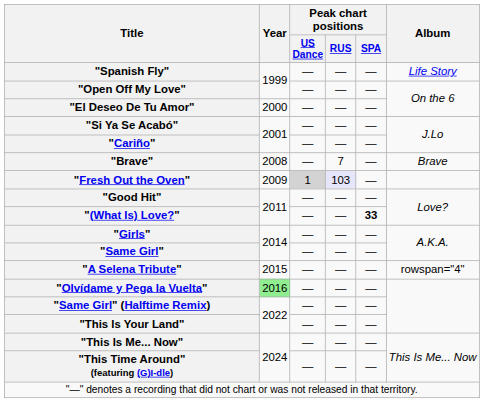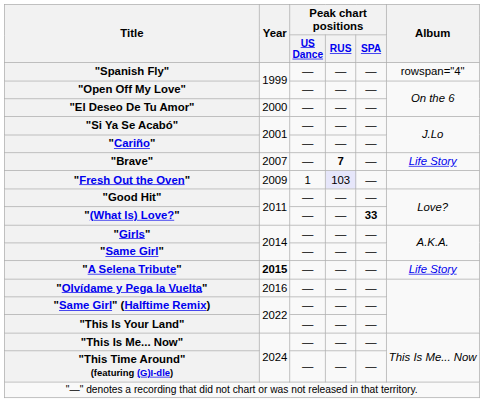 <table class="wikitable plainrowheaders" style="text-align: center;">
 <tr>
 <th scope="col" rowspan="2" style="width:22em;">Title</th>
 <th scope="col" rowspan="2" style="width:1em;">Year</th>
 <th scope="col" colspan="3">Peak chart positions</th>
 <th scope="col" rowspan="2">Album</th>
 </tr>
 <tr>
 <th scope="col" style="width:2.5em; font-size:90%;"><a href='#'>US<br>Dance</a><br></th>
 <th scope="col" style="width:2.5em; font-size:90%;"><a href='#'>RUS</a><br></th>
 <th scope="col" style="width:2.5em; font-size:90%;"><a href='#'>SPA</a><br></th>
 </tr>
 <tr>
 <th scope="row">"Spanish Fly"<br></th>
 <td rowspan="2">1999</td>
 <td>—</td>
 <td>—</td>
 <td>—</td>
-<td><em><a href='#'>Life Story</a></em></td>
+<td>rowspan="4" </td>
 </tr>
 <tr>
 <th scope="row">"Open Off My Love"</th>
 <td>—</td>
 <td>—</td>
 <td>—</td>
 <td rowspan="2"><em>On the 6</em></td>
 </tr>
 <tr>
 <th scope="row">"El Deseo De Tu Amor"</th>
 <td>2000</td>
 <td>—</td>
 <td>—</td>
 <td>—</td>
 </tr>
 <tr>
 <th scope="row">"Si Ya Se Acabó"</th>
 <td rowspan="2">2001</td>
 <td>—</td>
 <td>—</td>
 <td>—</td>
 <td rowspan="2"><em>J.Lo</em></td>
 </tr>
 <tr>
 <th scope="row">"<a href='#'>Cariño</a>"</th>
 <td>—</td>
 <td>—</td>
 <td>—</td>
 </tr>
 <tr>
 <th scope="row">"Brave"</th>
-<td>2008</td>
+<td>2007</td>
 <td>—</td>
-<td>7</td>
+<td><strong>7</strong></td>
 <td>—</td>
-<td><em>Brave</em></td>
+<td><em><a href='#'>Life Story</a></em></td>
 </tr>
 <tr>
 <th scope="row">"<a href='#'>Fresh Out the Oven</a>" <br> </th>
 <td>2009</td>
-<td style="background: lightgrey;">1</td>
+<td>1</td>
 <td style="background: lavender;">103</td>
 <td>—</td>
 <td></td>
 </tr>
 <tr>
 <th scope="row">"Good Hit"</th>
 <td rowspan="2">2011</td>
 <td>—</td>
 <td>—</td>
 <td>—</td>
 <td rowspan="2"><em>Love?</em></td>
 </tr>
 <tr>
 <th scope="row">"<a href='#'>(What Is) Love?</a>"</th>
 <td>—</td>
 <td>—</td>
 <td><strong>33</strong></td>
 </tr>
 <tr>
 <th scope="row">"<a href='#'>Girls</a>"</th>
 <td rowspan="2">2014</td>
 <td>—</td>
 <td>—</td>
 <td>—</td>
 <td rowspan="2"><em>A.K.A.</em></td>
 </tr>
 <tr>
 <th scope="row">"<a href='#'>Same Girl</a>"</th>
 <td>—</td>
 <td>—</td>
 <td>—</td>
 </tr>
 <tr>
 <th scope="row">"<a href='#'>A Selena Tribute</a>"</th>
-<td>2015</td>
+<td><strong>2015</strong></td>
 <td>—</td>
 <td>—</td>
 <td>—</td>
-<td>rowspan="4" </td>
+<td><em><a href='#'>Life Story</a></em></td>
 </tr>
 <tr>
 <th scope="row">"<a href='#'>Olvídame y Pega la Vuelta</a>"<br> </th>
-<td style="background: lightgreen;">2016</td>
+<td>2016</td>
 <td>—</td>
 <td>—</td>
 <td>—</td>
 </tr>
 <tr>
 <th scope="row">"<a href='#'>Same Girl</a>" (<a href='#'>Halftime Remix</a>)<br></th>
 <td rowspan="2">2022</td>
 <td>—</td>
 <td>—</td>
 <td>—</td>
 </tr>
 <tr>
 <th scope=row>"This Is Your Land"<br></th>
 <td>—</td>
 <td>—</td>
 <td>—</td>
 </tr>
 <tr>
 <th scope=row>"This Is Me... Now"</th>
 <td rowspan="2">2024</td>
 <td>—</td>
 <td>—</td>
 <td>—</td>
 <td rowspan="2"><em>This Is Me... Now</em></td>
 </tr>
 <tr>
 <th scope="row">"This Time Around"<br><small>(featuring <a href='#'>(G)I-dle</a>)</small></th>
 <td>—</td>
 <td>—</td>
 <td>—</td>
 </tr>
 <tr>
 <td colspan="16" style="font-size:90%">"—" denotes a recording that did not chart or was not released in that territory.</td>
 </tr>
 </table>
